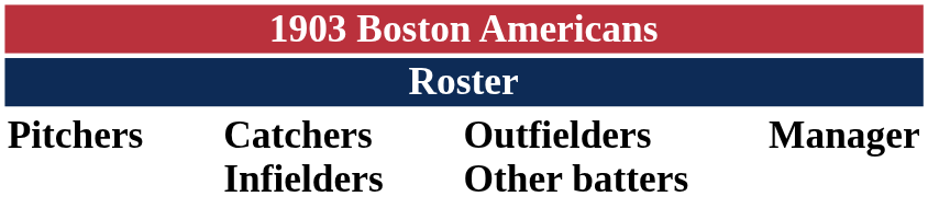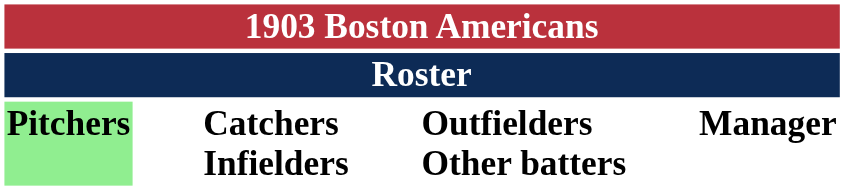 <table class="toccolours" style="text-align: left;">
 <tr>
 <th colspan="10" style="background-color: #ba313c; color: white; text-align: center;">1903 Boston Americans</th>
 </tr>
 <tr>
 <td colspan="10" style="background-color: #0d2b56; color: white; text-align: center;"><strong>Roster</strong></td>
 </tr>
 <tr>
-<td valign="top"><strong>Pitchers</strong><br>     </td>
+<td valign="top" style="background: lightgreen;"><strong>Pitchers</strong><br>     </td>
 <td width="25px"></td>
 <td valign="top"><strong>Catchers</strong><br>    <strong>Infielders</strong>     </td>
 <td width="25px"></td>
 <td valign="top"><strong>Outfielders</strong><br>    <strong>Other batters</strong> </td>
 <td width="25px"></td>
 <td valign="top"><strong>Manager</strong><br></td>
 </tr>
 <tr>
 </tr>
 </table>
